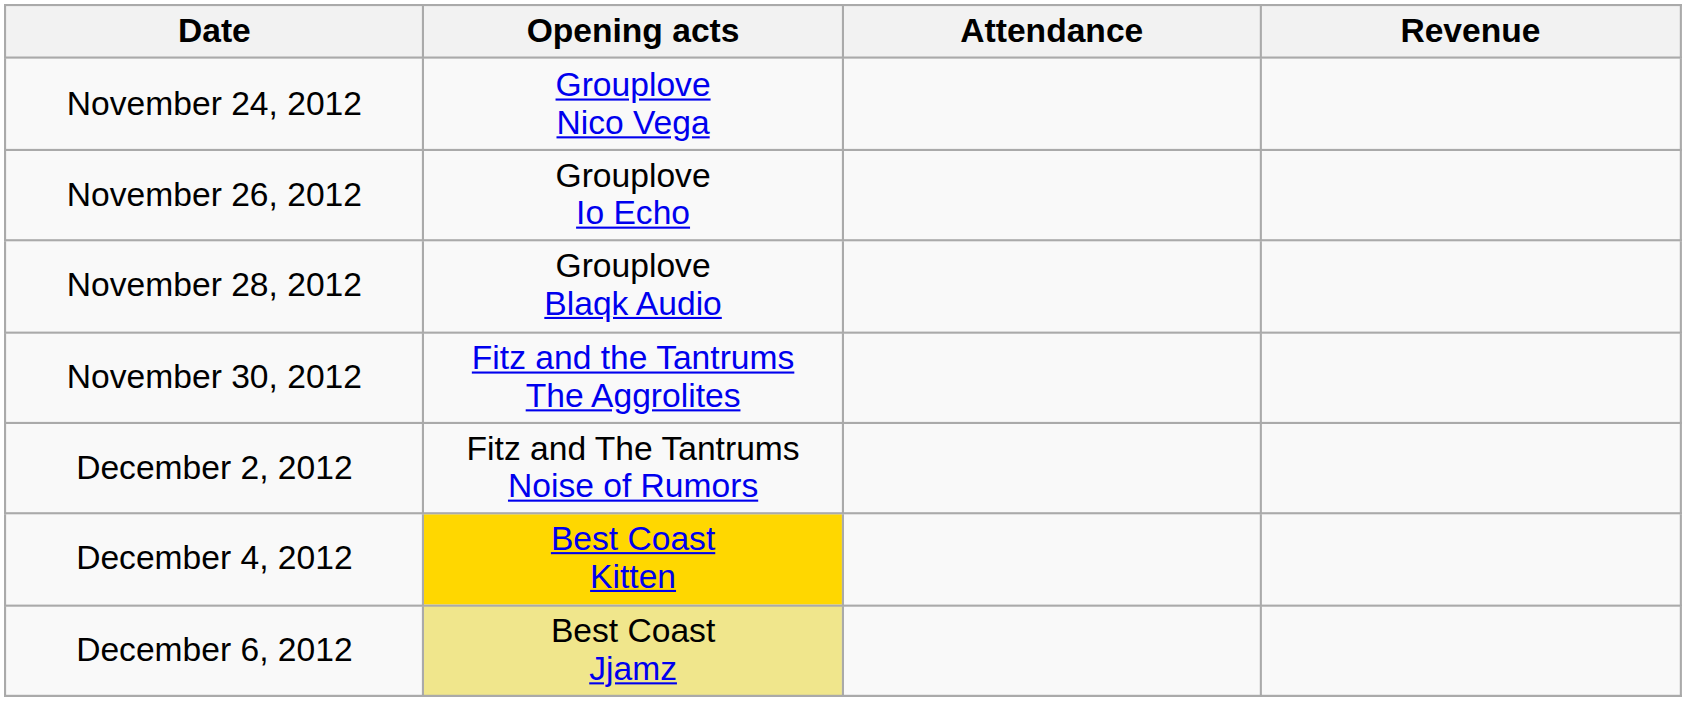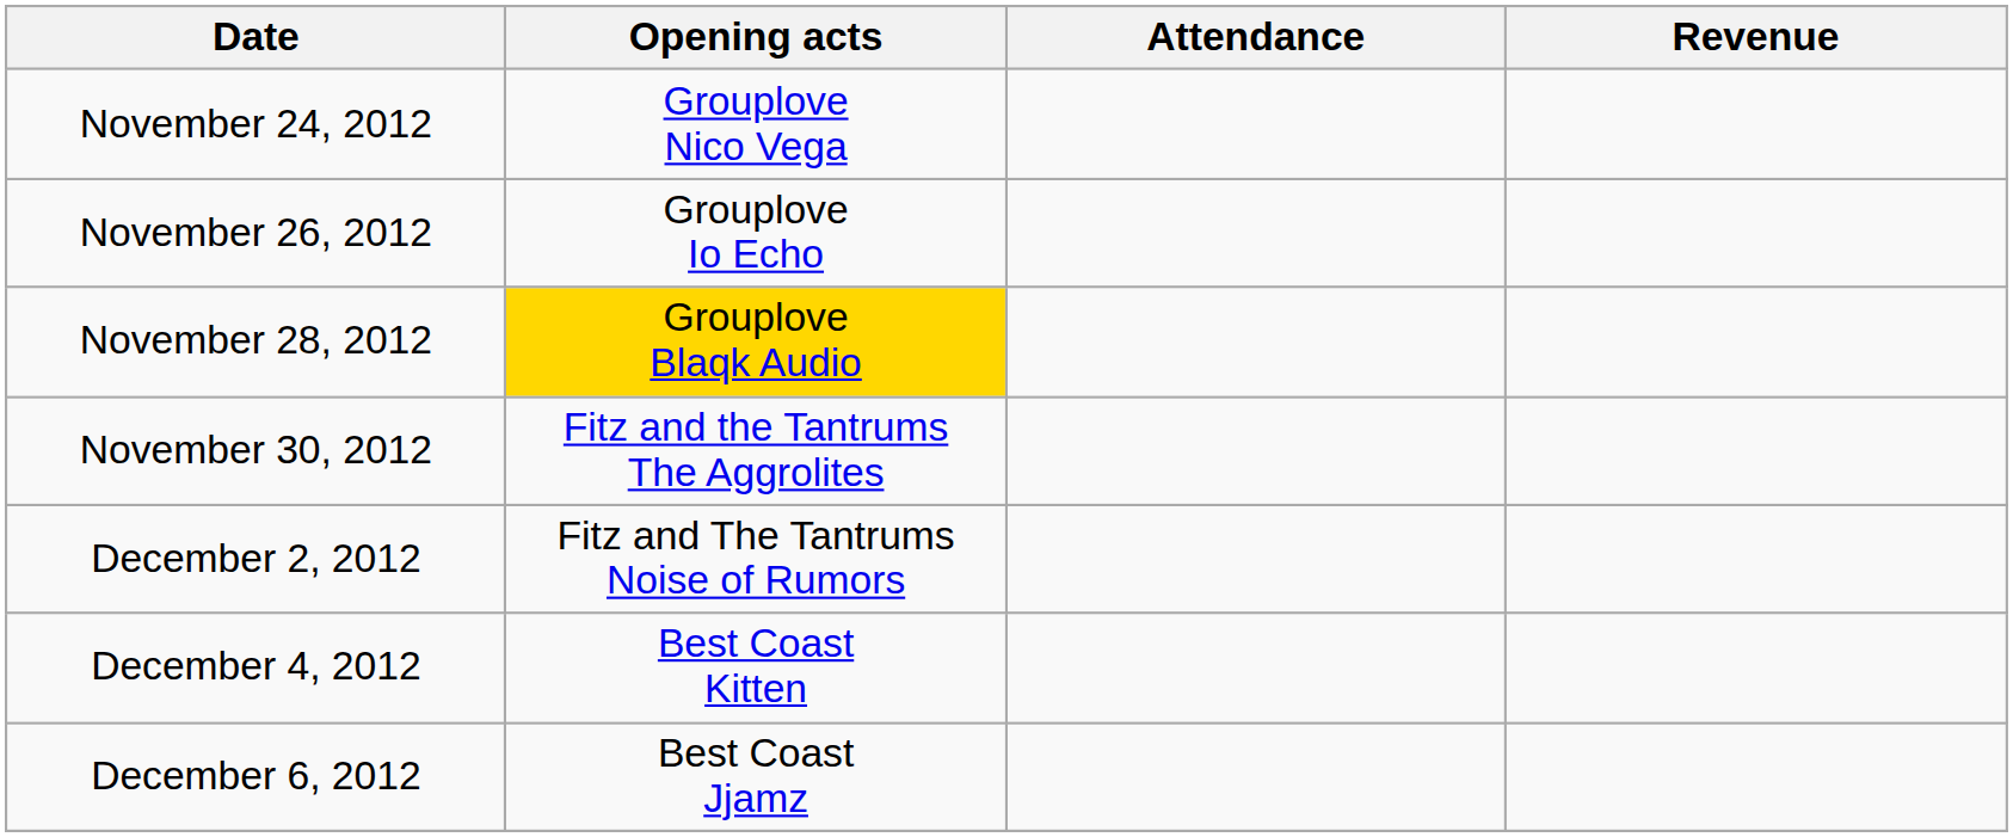 <table class="wikitable" style="text-align:center;">
 <tr>
 <th scope="col" style="width:12em;">Date</th>
 <th scope="col" style="width:12em;">Opening acts</th>
 <th scope="col" style="width:12em;">Attendance</th>
 <th scope="col" style="width:12em;">Revenue</th>
 </tr>
 <tr>
 <td>November 24, 2012</td>
 <td><a href='#'>Grouplove</a><br><a href='#'>Nico Vega</a></td>
 <td></td>
 <td></td>
 </tr>
 <tr>
 <td>November 26, 2012</td>
 <td>Grouplove<br><a href='#'>Io Echo</a></td>
 <td></td>
 <td></td>
 </tr>
 <tr>
 <td>November 28, 2012</td>
-<td>Grouplove<br><a href='#'>Blaqk Audio</a></td>
+<td style="background: gold;">Grouplove<br><a href='#'>Blaqk Audio</a></td>
 <td></td>
 <td></td>
 </tr>
 <tr>
 <td>November 30, 2012</td>
 <td><a href='#'>Fitz and the Tantrums</a><br><a href='#'>The Aggrolites</a></td>
 <td></td>
 <td></td>
 </tr>
 <tr>
 <td>December 2, 2012</td>
 <td>Fitz and The Tantrums<br><a href='#'>Noise of Rumors</a></td>
 <td></td>
 <td></td>
 </tr>
 <tr>
 <td>December 4, 2012</td>
-<td style="background: gold;"><a href='#'>Best Coast</a><br><a href='#'>Kitten</a></td>
+<td><a href='#'>Best Coast</a><br><a href='#'>Kitten</a></td>
 <td></td>
 <td></td>
 </tr>
 <tr>
 <td>December 6, 2012</td>
-<td style="background: khaki;">Best Coast<br><a href='#'>Jjamz</a></td>
+<td>Best Coast<br><a href='#'>Jjamz</a></td>
 <td></td>
 <td></td>
 </tr>
 <tr>
 </tr>
 </table>
